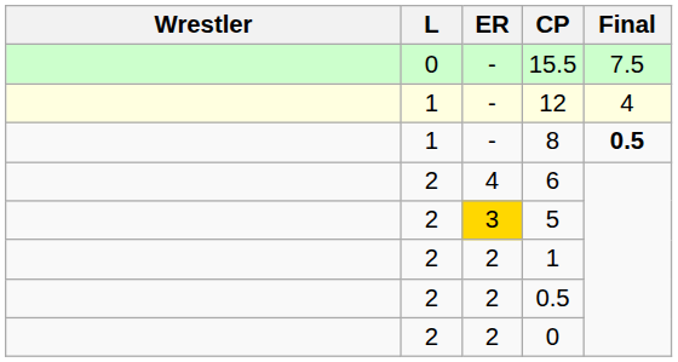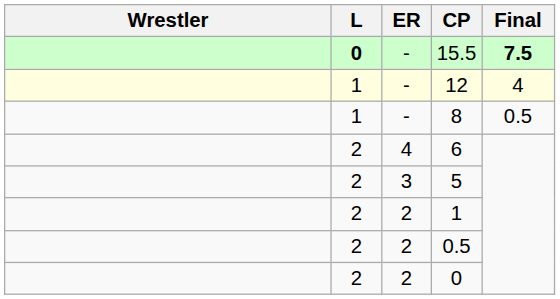 <table class="wikitable" style="text-align: center;" |>
 <tr>
 <th width="250">Wrestler</th>
 <th width="32">L</th>
 <th width="32">ER</th>
 <th width="32">CP</th>
 <th width="50">Final</th>
 </tr>
 <tr bgcolor="ccffcc">
 <td style="text-align:left;"></td>
-<td>0</td>
+<td><strong>0</strong></td>
 <td>-</td>
 <td>15.5</td>
-<td>7.5</td>
+<td><strong>7.5</strong></td>
 </tr>
 <tr bgcolor="lightyellow">
 <td style="text-align:left;"></td>
 <td>1</td>
 <td>-</td>
 <td>12</td>
 <td>4</td>
 </tr>
 <tr>
 <td style="text-align:left;"></td>
 <td>1</td>
 <td>-</td>
 <td>8</td>
-<td><strong>0.5</strong></td>
+<td>0.5</td>
 </tr>
 <tr>
 <td style="text-align:left;"></td>
 <td>2</td>
 <td>4</td>
 <td>6</td>
 </tr>
 <tr>
 <td style="text-align:left;"></td>
 <td>2</td>
-<td style="background: gold;">3</td>
+<td>3</td>
 <td>5</td>
 </tr>
 <tr>
 <td style="text-align:left;"></td>
 <td>2</td>
 <td>2</td>
 <td>1</td>
 </tr>
 <tr>
 <td style="text-align:left;"></td>
 <td>2</td>
 <td>2</td>
 <td>0.5</td>
 </tr>
 <tr>
 <td style="text-align:left;"></td>
 <td>2</td>
 <td>2</td>
 <td>0</td>
 </tr>
 </table>
